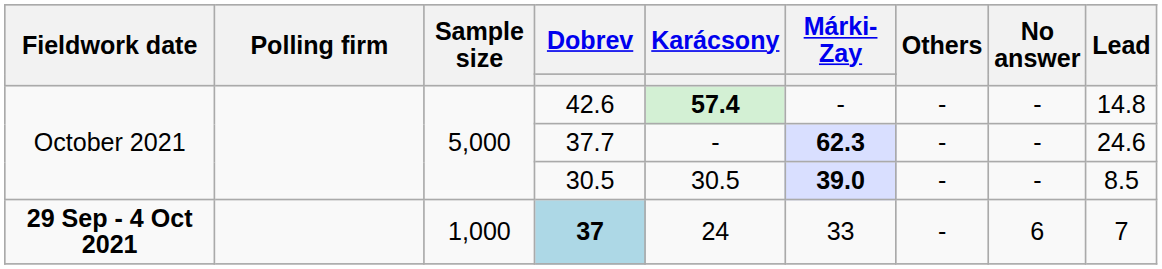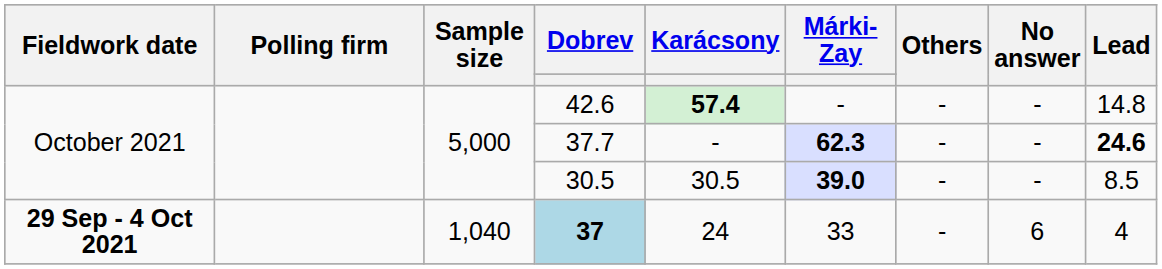 <table class="wikitable sortable" style="text-align:center;font-size:95%;line-height:16px;">
 <tr style="height:42px;">
 <th style="width:120px;" rowspan="2">Fieldwork date</th>
 <th style="width:120px;" rowspan="2">Polling firm</th>
 <th style="width:60px;"  rowspan="2">Sample<br>size</th>
 <th style="width:60px;" class="unsortable"><a href='#'>Dobrev</a></th>
 <th style="width:60px;" class="unsortable"><a href='#'>Karácsony</a></th>
 <th style="width:60px;" class="unsortable"><a href='#'>Márki-Zay</a></th>
 <th style="width:40px;" class="unsortable" rowspan="2">Others</th>
 <th style="width:40px;" class="unsortable" rowspan="2">No answer</th>
 <th style="width:20px;" class="unsortable" rowspan="2">Lead</th>
 </tr>
 <tr>
 <th style="color:inherit;background:"></th>
 <th style="color:inherit;background:"></th>
 <th style="color:inherit;background:"></th>
 </tr>
 <tr>
 <td rowspan="3">October 2021</td>
 <td rowspan="3"></td>
 <td rowspan="3">5,000</td>
 <td>42.6</td>
 <td style="background:#d3f0d4"><strong>57.4</strong></td>
 <td>-</td>
 <td>-</td>
 <td>-</td>
 <td style="background:">14.8</td>
 </tr>
 <tr>
 <td>37.7</td>
 <td>-</td>
 <td style="background:#d9dfff"><strong>62.3</strong></td>
 <td>-</td>
 <td>-</td>
-<td style="background:">24.6</td>
+<td style="background:"><strong>24.6</strong></td>
 </tr>
 <tr>
 <td>30.5</td>
 <td>30.5</td>
 <td style="background:#d9dfff"><strong>39.0</strong></td>
 <td>-</td>
 <td>-</td>
 <td style="background:">8.5</td>
 </tr>
 <tr>
 <td><strong>29 Sep - 4 Oct 2021</strong></td>
 <td></td>
-<td>1,000</td>
+<td>1,040</td>
 <td style="background:#add8e6"><strong>37</strong></td>
 <td>24</td>
 <td>33</td>
 <td>-</td>
 <td>6</td>
-<td style="background:">7</td>
+<td style="background:">4</td>
 </tr>
 </table>
